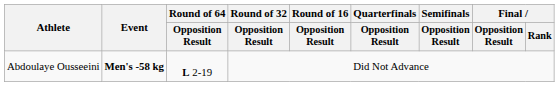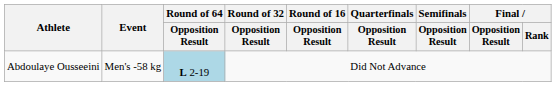 <table class="wikitable" style="font-size:90%">
 <tr>
 <th rowspan="2">Athlete</th>
 <th rowspan="2">Event</th>
 <th>Round of 64</th>
 <th>Round of 32</th>
 <th>Round of 16</th>
 <th>Quarterfinals</th>
 <th>Semifinals</th>
 <th colspan=2>Final / </th>
 </tr>
 <tr style="font-size:95%">
 <th>Opposition<br>Result</th>
 <th>Opposition<br>Result</th>
 <th>Opposition<br>Result</th>
 <th>Opposition<br>Result</th>
 <th>Opposition<br>Result</th>
 <th>Opposition<br>Result</th>
 <th>Rank</th>
 </tr>
 <tr align=center>
 <td align=left>Abdoulaye Ousseeini</td>
-<td align=left><strong>Men's -58 kg</strong></td>
-<td><br><strong>L</strong> 2-19</td>
+<td align=left>Men's -58 kg</td>
+<td style="background: lightblue;"><br><strong>L</strong> 2-19</td>
 <td colspan=6>Did Not Advance</td>
 </tr>
 </table>
